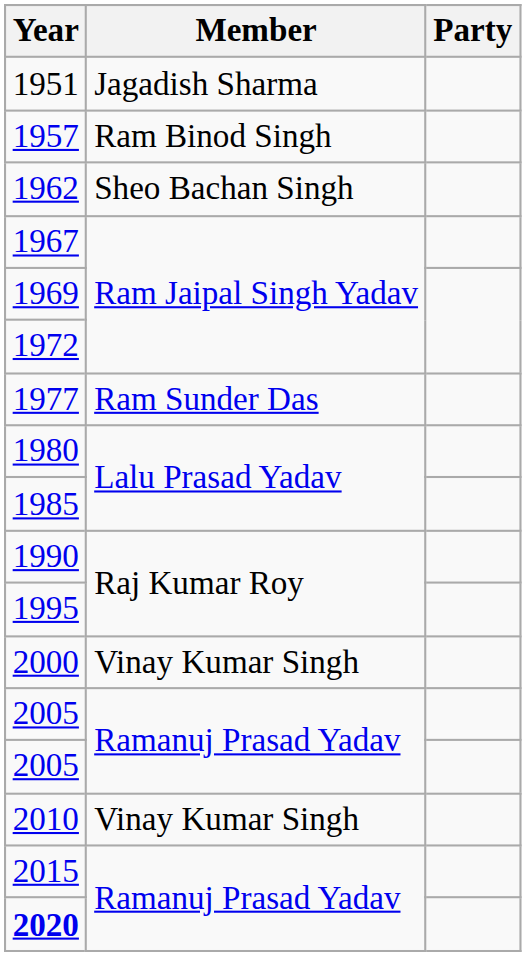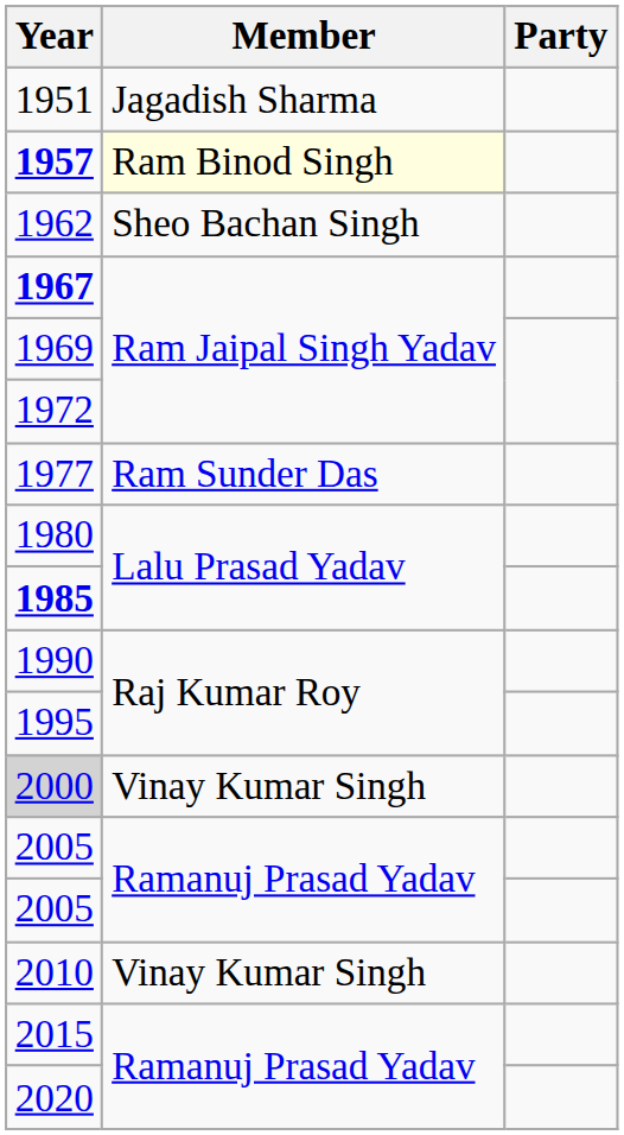 <table class="wikitable">
 <tr>
 <th>Year</th>
 <th>Member</th>
 <th colspan="2">Party</th>
 </tr>
 <tr>
 <td>1951</td>
 <td>Jagadish Sharma</td>
 <td></td>
 </tr>
 <tr>
-<td><a href='#'>1957</a></td>
-<td>Ram Binod Singh</td>
+<td><strong><a href='#'>1957</a></strong></td>
+<td style="background: lightyellow;">Ram Binod Singh</td>
 <td></td>
 </tr>
 <tr>
 <td><a href='#'>1962</a></td>
 <td>Sheo Bachan Singh</td>
 <td></td>
 </tr>
 <tr>
-<td><a href='#'>1967</a></td>
+<td><strong><a href='#'>1967</a></strong></td>
 <td rowspan="3"><a href='#'>Ram Jaipal Singh Yadav</a></td>
 <td></td>
 </tr>
 <tr>
 <td><a href='#'>1969</a></td>
 </tr>
 <tr>
 <td><a href='#'>1972</a></td>
 </tr>
 <tr>
 <td><a href='#'>1977</a></td>
 <td><a href='#'>Ram Sunder Das</a></td>
 <td></td>
 </tr>
 <tr>
 <td><a href='#'>1980</a></td>
 <td rowspan="2"><a href='#'>Lalu Prasad Yadav</a></td>
 <td></td>
 </tr>
 <tr>
-<td><a href='#'>1985</a></td>
+<td><strong><a href='#'>1985</a></strong></td>
 <td></td>
 </tr>
 <tr>
 <td><a href='#'>1990</a></td>
 <td rowspan="2">Raj Kumar Roy</td>
 <td></td>
 </tr>
 <tr>
 <td><a href='#'>1995</a></td>
 </tr>
 <tr>
-<td><a href='#'>2000</a></td>
+<td style="background: lightgrey;"><a href='#'>2000</a></td>
 <td>Vinay Kumar Singh</td>
 <td></td>
 </tr>
 <tr>
 <td><a href='#'>2005</a></td>
 <td rowspan="2"><a href='#'>Ramanuj Prasad Yadav</a></td>
 <td></td>
 </tr>
 <tr>
 <td><a href='#'>2005</a></td>
 </tr>
 <tr>
 <td><a href='#'>2010</a></td>
 <td>Vinay Kumar Singh</td>
 <td></td>
 </tr>
 <tr>
 <td><a href='#'>2015</a></td>
 <td rowspan="2"><a href='#'>Ramanuj Prasad Yadav</a></td>
 <td></td>
 </tr>
 <tr>
-<td><strong><a href='#'>2020</a></strong></td>
+<td><a href='#'>2020</a></td>
 </tr>
 </table>
